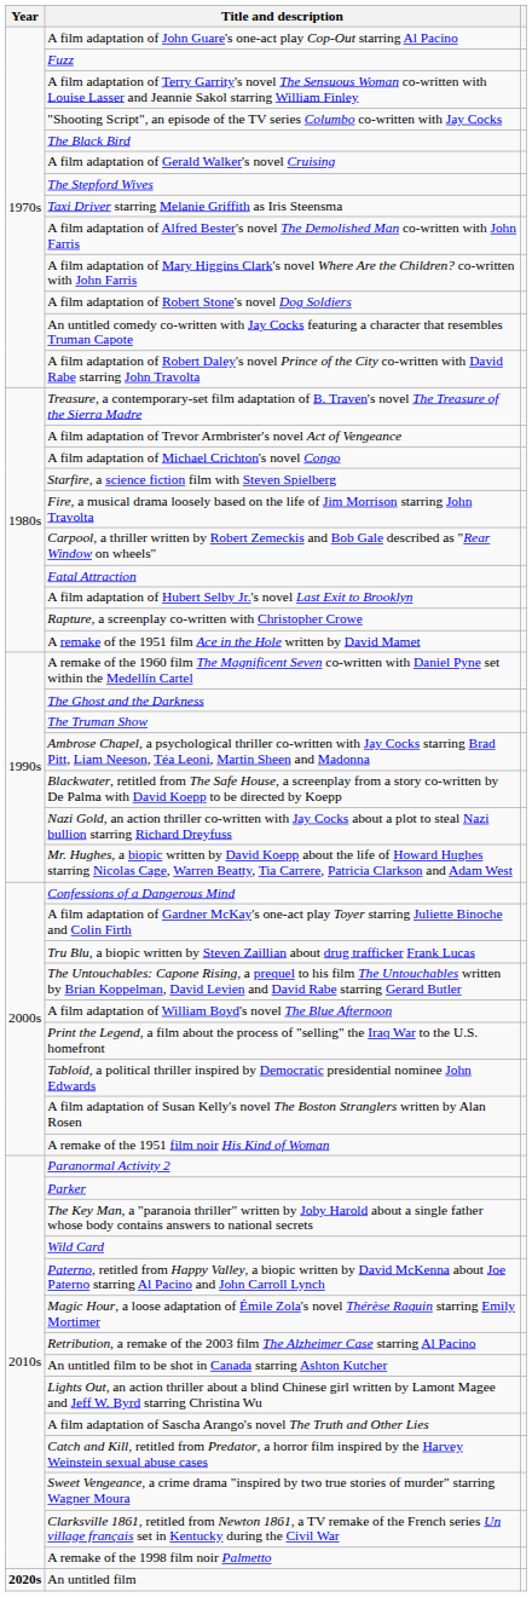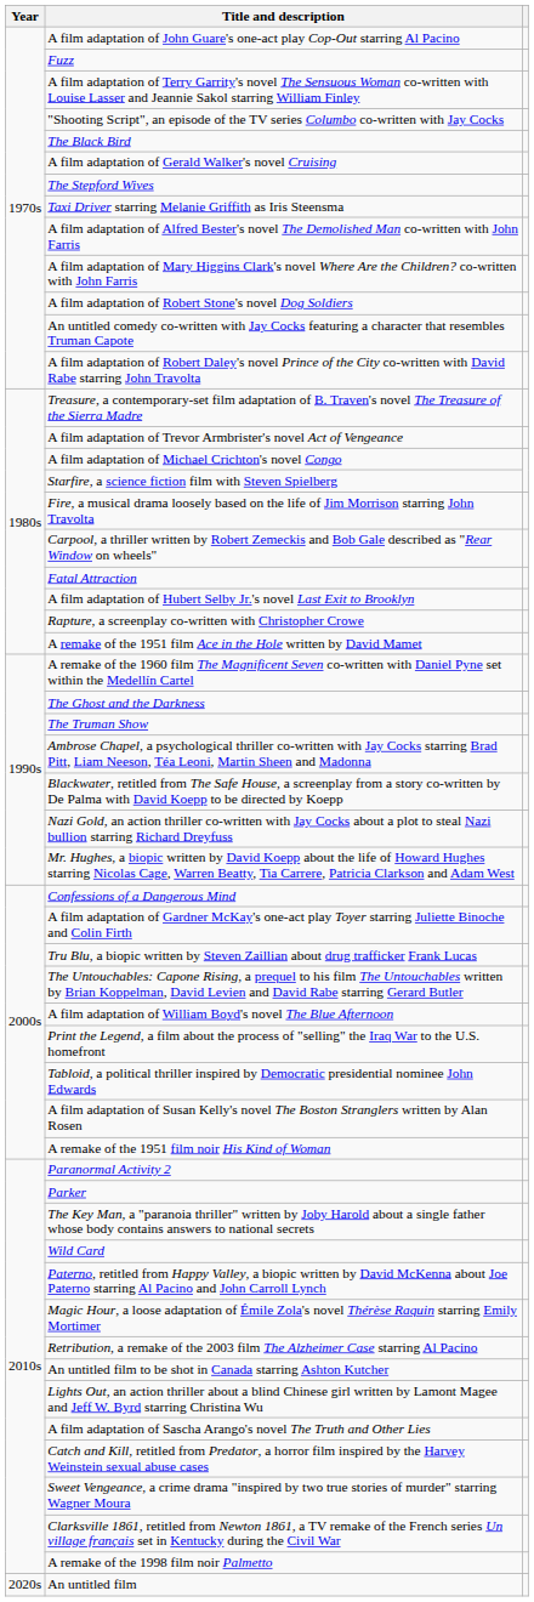 <table class="wikitable unsortable plainrowheaders">
 <tr>
 <th scope="col">Year</th>
 <th scope="col">Title and description</th>
 <th scope="col"></th>
 </tr>
 <tr>
 <td rowspan="13">1970s</td>
 <td>A film adaptation of <a href='#'>John Guare</a>'s one-act play <em>Cop-Out</em> starring <a href='#'>Al Pacino</a></td>
 <td></td>
 </tr>
 <tr>
 <td><em><a href='#'>Fuzz</a></em></td>
 <td></td>
 </tr>
 <tr>
 <td>A film adaptation of <a href='#'>Terry Garrity</a>'s novel <em><a href='#'>The Sensuous Woman</a></em> co-written with <a href='#'>Louise Lasser</a> and Jeannie Sakol starring <a href='#'>William Finley</a></td>
 <td></td>
 </tr>
 <tr>
 <td>"Shooting Script", an episode of the TV series <em><a href='#'>Columbo</a></em> co-written with <a href='#'>Jay Cocks</a></td>
 <td></td>
 </tr>
 <tr>
 <td><em><a href='#'>The Black Bird</a></em></td>
 <td></td>
 </tr>
 <tr>
 <td>A film adaptation of <a href='#'>Gerald Walker</a>'s novel <em><a href='#'>Cruising</a></em></td>
 <td></td>
 </tr>
 <tr>
 <td><em><a href='#'>The Stepford Wives</a></em></td>
 <td></td>
 </tr>
 <tr>
 <td><em><a href='#'>Taxi Driver</a></em> starring <a href='#'>Melanie Griffith</a> as Iris Steensma</td>
 <td></td>
 </tr>
 <tr>
 <td>A film adaptation of <a href='#'>Alfred Bester</a>'s novel <em><a href='#'>The Demolished Man</a></em> co-written with <a href='#'>John Farris</a></td>
 <td></td>
 </tr>
 <tr>
 <td>A film adaptation of <a href='#'>Mary Higgins Clark</a>'s novel <em>Where Are the Children?</em> co-written with <a href='#'>John Farris</a></td>
 <td></td>
 </tr>
 <tr>
 <td>A film adaptation of <a href='#'>Robert Stone</a>'s novel <em><a href='#'>Dog Soldiers</a></em></td>
 <td></td>
 </tr>
 <tr>
 <td>An untitled comedy co-written with <a href='#'>Jay Cocks</a> featuring a character that resembles <a href='#'>Truman Capote</a></td>
 <td></td>
 </tr>
 <tr>
 <td>A film adaptation of <a href='#'>Robert Daley</a>'s novel <em>Prince of the City</em> co-written with <a href='#'>David Rabe</a> starring <a href='#'>John Travolta</a></td>
 <td></td>
 </tr>
 <tr>
 <td rowspan="10">1980s</td>
 <td><em>Treasure</em>, a contemporary-set film adaptation of <a href='#'>B. Traven</a>'s novel <em><a href='#'>The Treasure of the Sierra Madre</a></em></td>
 <td></td>
 </tr>
 <tr>
 <td>A film adaptation of Trevor Armbrister's novel <em>Act of Vengeance</em></td>
 <td></td>
 </tr>
 <tr>
 <td>A film adaptation of <a href='#'>Michael Crichton</a>'s novel <em><a href='#'>Congo</a></em></td>
 <td rowspan="2"></td>
 </tr>
 <tr>
 <td><em>Starfire</em>, a <a href='#'>science fiction</a> film with <a href='#'>Steven Spielberg</a></td>
 </tr>
 <tr>
 <td><em>Fire</em>, a musical drama loosely based on the life of <a href='#'>Jim Morrison</a> starring <a href='#'>John Travolta</a></td>
 <td></td>
 </tr>
 <tr>
 <td><em>Carpool</em>, a thriller written by <a href='#'>Robert Zemeckis</a> and <a href='#'>Bob Gale</a> described as "<em><a href='#'>Rear Window</a></em> on wheels"</td>
 <td></td>
 </tr>
 <tr>
 <td><em><a href='#'>Fatal Attraction</a></em></td>
 <td></td>
 </tr>
 <tr>
 <td>A film adaptation of <a href='#'>Hubert Selby Jr.</a>'s novel <em><a href='#'>Last Exit to Brooklyn</a></em></td>
 <td></td>
 </tr>
 <tr>
 <td><em>Rapture</em>, a screenplay co-written with <a href='#'>Christopher Crowe</a></td>
 <td></td>
 </tr>
 <tr>
 <td>A <a href='#'>remake</a> of the 1951 film <em><a href='#'>Ace in the Hole</a></em> written by <a href='#'>David Mamet</a></td>
 <td></td>
 </tr>
 <tr>
 <td rowspan="7">1990s</td>
 <td>A remake of the 1960 film <em><a href='#'>The Magnificent Seven</a></em> co-written with <a href='#'>Daniel Pyne</a> set within the <a href='#'>Medellín Cartel</a></td>
 <td></td>
 </tr>
 <tr>
 <td><em><a href='#'>The Ghost and the Darkness</a></em></td>
 <td></td>
 </tr>
 <tr>
 <td><em><a href='#'>The Truman Show</a></em></td>
 <td></td>
 </tr>
 <tr>
 <td><em>Ambrose Chapel</em>, a psychological thriller co-written with <a href='#'>Jay Cocks</a> starring <a href='#'>Brad Pitt</a>, <a href='#'>Liam Neeson</a>, <a href='#'>Téa Leoni</a>, <a href='#'>Martin Sheen</a> and <a href='#'>Madonna</a></td>
 <td></td>
 </tr>
 <tr>
 <td><em>Blackwater</em>, retitled from <em>The Safe House</em>, a screenplay from a story co-written by De Palma with <a href='#'>David Koepp</a> to be directed by Koepp</td>
 <td></td>
 </tr>
 <tr>
 <td><em>Nazi Gold</em>, an action thriller co-written with <a href='#'>Jay Cocks</a> about a plot to steal <a href='#'>Nazi</a> <a href='#'>bullion</a> starring <a href='#'>Richard Dreyfuss</a></td>
 <td></td>
 </tr>
 <tr>
 <td><em>Mr. Hughes</em>, a <a href='#'>biopic</a> written by <a href='#'>David Koepp</a> about the life of <a href='#'>Howard Hughes</a> starring <a href='#'>Nicolas Cage</a>, <a href='#'>Warren Beatty</a>, <a href='#'>Tia Carrere</a>, <a href='#'>Patricia Clarkson</a> and <a href='#'>Adam West</a></td>
 <td></td>
 </tr>
 <tr>
 <td rowspan="9">2000s</td>
 <td><em><a href='#'>Confessions of a Dangerous Mind</a></em></td>
 <td></td>
 </tr>
 <tr>
 <td>A film adaptation of <a href='#'>Gardner McKay</a>'s one-act play <em>Toyer</em> starring <a href='#'>Juliette Binoche</a> and <a href='#'>Colin Firth</a></td>
 <td></td>
 </tr>
 <tr>
 <td><em>Tru Blu</em>, a biopic written by <a href='#'>Steven Zaillian</a> about <a href='#'>drug trafficker</a> <a href='#'>Frank Lucas</a></td>
 <td></td>
 </tr>
 <tr>
 <td><em>The Untouchables: Capone Rising</em>, a <a href='#'>prequel</a> to his film <em><a href='#'>The Untouchables</a></em> written by <a href='#'>Brian Koppelman</a>, <a href='#'>David Levien</a> and <a href='#'>David Rabe</a> starring <a href='#'>Gerard Butler</a></td>
 <td></td>
 </tr>
 <tr>
 <td>A film adaptation of <a href='#'>William Boyd</a>'s novel <em><a href='#'>The Blue Afternoon</a></em></td>
 <td></td>
 </tr>
 <tr>
 <td><em>Print the Legend</em>, a film about the process of "selling" the <a href='#'>Iraq War</a> to the U.S. homefront</td>
 <td></td>
 </tr>
 <tr>
 <td><em>Tabloid</em>, a political thriller inspired by <a href='#'>Democratic</a> presidential nominee <a href='#'>John Edwards</a></td>
 <td></td>
 </tr>
 <tr>
 <td>A film adaptation of Susan Kelly's novel <em>The Boston Stranglers</em> written by Alan Rosen</td>
 <td></td>
 </tr>
 <tr>
 <td>A remake of the 1951 <a href='#'>film noir</a> <em><a href='#'>His Kind of Woman</a></em></td>
 <td></td>
 </tr>
 <tr>
 <td rowspan="14">2010s</td>
 <td><em><a href='#'>Paranormal Activity 2</a></em></td>
 <td></td>
 </tr>
 <tr>
 <td><em><a href='#'>Parker</a></em></td>
 <td></td>
 </tr>
 <tr>
 <td><em>The Key Man</em>, a "paranoia thriller" written by <a href='#'>Joby Harold</a> about a single father whose body contains answers to national secrets</td>
 <td></td>
 </tr>
 <tr>
 <td><em><a href='#'>Wild Card</a></em></td>
 <td></td>
 </tr>
 <tr>
 <td><em><a href='#'>Paterno</a></em>, retitled from <em>Happy Valley</em>, a biopic written by <a href='#'>David McKenna</a> about <a href='#'>Joe Paterno</a> starring <a href='#'>Al Pacino</a> and <a href='#'>John Carroll Lynch</a></td>
 <td></td>
 </tr>
 <tr>
 <td><em>Magic Hour</em>, a loose adaptation of <a href='#'>Émile Zola</a>'s novel <em><a href='#'>Thérèse Raquin</a></em> starring <a href='#'>Emily Mortimer</a></td>
 <td></td>
 </tr>
 <tr>
 <td><em>Retribution</em>, a remake of the 2003 film <em><a href='#'>The Alzheimer Case</a></em> starring <a href='#'>Al Pacino</a></td>
 <td></td>
 </tr>
 <tr>
 <td>An untitled film to be shot in <a href='#'>Canada</a> starring <a href='#'>Ashton Kutcher</a></td>
 <td></td>
 </tr>
 <tr>
 <td><em>Lights Out</em>, an action thriller about a blind Chinese girl written by Lamont Magee and <a href='#'>Jeff W. Byrd</a> starring Christina Wu</td>
 <td></td>
 </tr>
 <tr>
 <td>A film adaptation of Sascha Arango's novel <em>The Truth and Other Lies</em></td>
 <td></td>
 </tr>
 <tr>
 <td><em>Catch and Kill</em>, retitled from <em>Predator</em>, a horror film inspired by the <a href='#'>Harvey Weinstein sexual abuse cases</a></td>
 <td></td>
 </tr>
 <tr>
 <td><em>Sweet Vengeance</em>, a crime drama "inspired by two true stories of murder" starring <a href='#'>Wagner Moura</a></td>
 <td></td>
 </tr>
 <tr>
 <td><em>Clarksville 1861</em>, retitled from <em>Newton 1861</em>, a TV remake of the French series <em><a href='#'>Un village français</a></em> set in <a href='#'>Kentucky</a> during the <a href='#'>Civil War</a></td>
 <td></td>
 </tr>
 <tr>
 <td>A remake of the 1998 film noir <em><a href='#'>Palmetto</a></em></td>
 <td></td>
 </tr>
 <tr>
-<td rowspan="1"><strong>2020s</strong></td>
+<td rowspan="1">2020s</td>
 <td>An untitled film</td>
 <td></td>
 </tr>
 </table>
